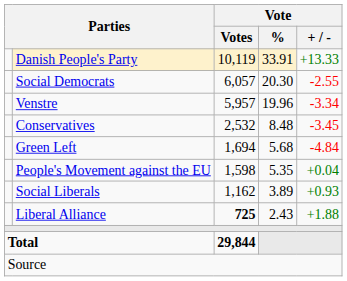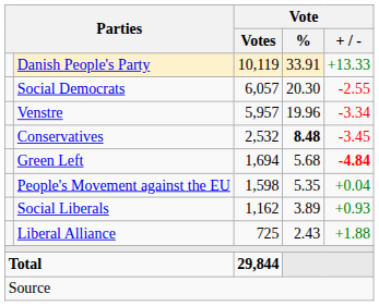 <table class="wikitable" style="text-align:right;">
 <tr>
 <th style="text-align:centre;" rowspan="2" colspan="2" width="225">Parties</th>
 <th colspan="3">Vote</th>
 </tr>
 <tr>
 <th width="15">Votes</th>
 <th width="15">%</th>
 <th width="15">+ / -</th>
 </tr>
 <tr>
 <td width="2" style="color:inherit;background:"></td>
 <td bgcolor=#fef2cc   align="left"><a href='#'>Danish People's Party</a></td>
 <td bgcolor=#fef2cc>10,119</td>
 <td bgcolor=#fef2cc>33.91</td>
 <td style=color:green;>+13.33</td>
 </tr>
 <tr>
 <td width="2" style="color:inherit;background:"></td>
 <td align="left"><a href='#'>Social Democrats</a></td>
 <td>6,057</td>
 <td>20.30</td>
 <td style=color:red;>-2.55</td>
 </tr>
 <tr>
 <td width="2" style="color:inherit;background:"></td>
 <td align="left"><a href='#'>Venstre</a></td>
 <td>5,957</td>
 <td>19.96</td>
 <td style=color:red;>-3.34</td>
 </tr>
 <tr>
 <td width="2" style="color:inherit;background:"></td>
 <td align="left"><a href='#'>Conservatives</a></td>
 <td>2,532</td>
-<td>8.48</td>
+<td><strong>8.48</strong></td>
 <td style=color:red;>-3.45</td>
 </tr>
 <tr>
 <td width="2" style="color:inherit;background:"></td>
 <td align="left"><a href='#'>Green Left</a></td>
 <td>1,694</td>
 <td>5.68</td>
-<td style=color:red;>-4.84</td>
+<td style=color:red;><strong>-4.84</strong></td>
 </tr>
 <tr>
 <td width="2" style="color:inherit;background:"></td>
 <td align="left"><a href='#'>People's Movement against the EU</a></td>
 <td>1,598</td>
 <td>5.35</td>
 <td style=color:green;>+0.04</td>
 </tr>
 <tr>
 <td width="2" style="color:inherit;background:"></td>
 <td align="left"><a href='#'>Social Liberals</a></td>
 <td>1,162</td>
 <td>3.89</td>
 <td style=color:green;>+0.93</td>
 </tr>
 <tr>
 <td width="2" style="color:inherit;background:"></td>
 <td align="left"><a href='#'>Liberal Alliance</a></td>
-<td><strong>725</strong></td>
+<td>725</td>
 <td>2.43</td>
 <td style=color:green;>+1.88</td>
 </tr>
 <tr>
 <td colspan="7" bgcolor="#E9E9E9"></td>
 </tr>
 <tr>
 <td align="left" colspan="2"><strong>Total</strong></td>
 <td><strong>29,844</strong></td>
 <td bgcolor="#E9E9E9" colspan="2"></td>
 </tr>
 <tr>
 <td align="left" colspan="6">Source</td>
 </tr>
 </table>
